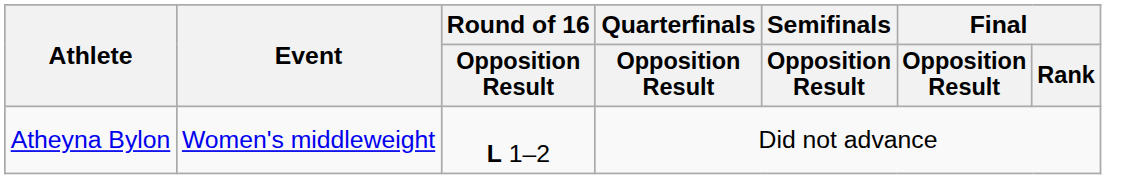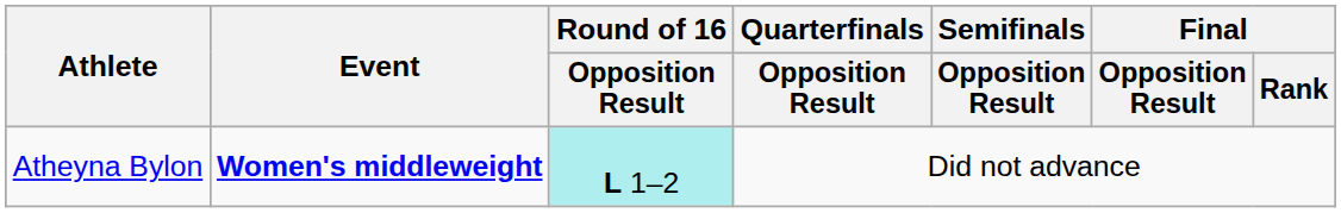 <table class="wikitable" style="font-size:90%">
 <tr>
 <th rowspan="2">Athlete</th>
 <th rowspan="2">Event</th>
 <th>Round of 16</th>
 <th>Quarterfinals</th>
 <th>Semifinals</th>
 <th colspan=2>Final</th>
 </tr>
 <tr style="font-size:95%">
 <th>Opposition<br>Result</th>
 <th>Opposition<br>Result</th>
 <th>Opposition<br>Result</th>
 <th>Opposition<br>Result</th>
 <th>Rank</th>
 </tr>
 <tr align=center>
 <td align=left><a href='#'>Atheyna Bylon</a></td>
-<td align=left><a href='#'>Women's middleweight</a></td>
-<td><br><strong>L</strong> 1–2</td>
+<td align=left><strong><a href='#'>Women's middleweight</a></strong></td>
+<td style="background: paleturquoise;"><br><strong>L</strong> 1–2</td>
 <td colspan=4>Did not advance</td>
 </tr>
 </table>
